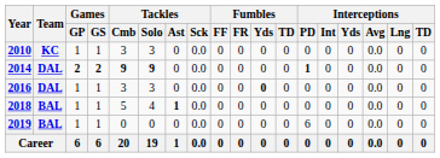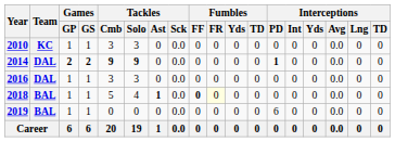 <table class=wikitable style="text-align:center;">
 <tr>
 <th rowspan="2">Year</th>
 <th rowspan="2">Team</th>
 <th colspan="2">Games</th>
 <th colspan="4">Tackles</th>
 <th colspan="4">Fumbles</th>
 <th colspan="6">Interceptions</th>
 </tr>
 <tr>
 <th>GP</th>
 <th>GS</th>
 <th>Cmb</th>
 <th>Solo</th>
 <th>Ast</th>
 <th>Sck</th>
 <th>FF</th>
 <th>FR</th>
 <th>Yds</th>
 <th>TD</th>
 <th>PD</th>
 <th>Int</th>
 <th>Yds</th>
 <th>Avg</th>
 <th>Lng</th>
 <th>TD</th>
 </tr>
 <tr>
 <th><a href='#'>2010</a></th>
 <th><a href='#'>KC</a></th>
 <td>1</td>
 <td>1</td>
 <td>3</td>
 <td>3</td>
 <td>0</td>
 <td>0.0</td>
 <td>0</td>
 <td>0</td>
 <td>0</td>
 <td>0</td>
 <td>0</td>
 <td>0</td>
 <td>0</td>
 <td>0.0</td>
 <td>0</td>
 <td>0</td>
 </tr>
 <tr>
 <th><a href='#'>2014</a></th>
 <th><a href='#'>DAL</a></th>
 <td><strong>2</strong></td>
 <td><strong>2</strong></td>
 <td><strong>9</strong></td>
 <td><strong>9</strong></td>
 <td>0</td>
 <td>0.0</td>
 <td>0</td>
 <td>0</td>
 <td>0</td>
 <td>0</td>
 <td><strong>1</strong></td>
 <td>0</td>
 <td>0</td>
 <td>0.0</td>
 <td>0</td>
 <td>0</td>
 </tr>
 <tr>
 <th><a href='#'>2016</a></th>
 <th><a href='#'>DAL</a></th>
 <td>1</td>
 <td>1</td>
 <td>3</td>
 <td>3</td>
 <td>0</td>
 <td>0.0</td>
 <td>0</td>
 <td>0</td>
-<td><strong>0</strong></td>
+<td>0</td>
 <td>0</td>
 <td>0</td>
 <td>0</td>
 <td>0</td>
 <td>0.0</td>
 <td>0</td>
 <td>0</td>
 </tr>
 <tr>
 <th><a href='#'>2018</a></th>
 <th><a href='#'>BAL</a></th>
 <td>1</td>
 <td>1</td>
 <td>5</td>
 <td>4</td>
 <td><strong>1</strong></td>
 <td>0.0</td>
-<td>0</td>
-<td>0</td>
+<td><strong>0</strong></td>
+<td style="background: lightyellow;">0</td>
 <td>0</td>
 <td>0</td>
 <td>0</td>
 <td>0</td>
 <td>0</td>
 <td>0.0</td>
 <td>0</td>
 <td>0</td>
 </tr>
 <tr>
 <th><a href='#'>2019</a></th>
 <th><a href='#'>BAL</a></th>
 <td>1</td>
 <td>1</td>
 <td>0</td>
 <td>0</td>
 <td>0</td>
 <td>0.0</td>
 <td>0</td>
 <td>0</td>
 <td>0</td>
 <td>0</td>
 <td>6</td>
 <td>0</td>
 <td>0</td>
 <td>0.0</td>
 <td>0</td>
 <td>0</td>
 </tr>
 <tr>
 <th colspan="2">Career</th>
 <th>6</th>
 <th>6</th>
 <th>20</th>
 <th>19</th>
 <th>1</th>
 <th>0.0</th>
 <th>0</th>
 <th>0</th>
 <th>0</th>
 <th>0</th>
 <th>0</th>
 <th>0</th>
 <th>0</th>
 <th>0.0</th>
 <th>0</th>
 <th>0</th>
 </tr>
 </table>
